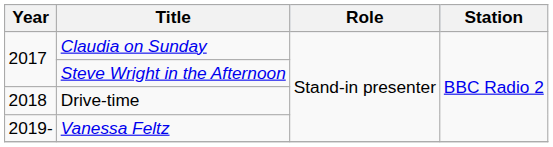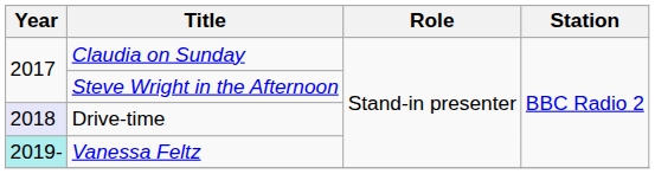 <table class="wikitable">
 <tr style="background:#b0c4de; text-align:center;">
 <th>Year</th>
 <th>Title</th>
 <th>Role</th>
 <th>Station</th>
 </tr>
 <tr>
 <td rowspan=2>2017</td>
 <td><em><a href='#'>Claudia on Sunday</a></em></td>
 <td rowspan="4">Stand-in presenter</td>
 <td rowspan="4"><a href='#'>BBC Radio 2</a></td>
 </tr>
 <tr>
 <td><em><a href='#'>Steve Wright in the Afternoon</a></em></td>
 </tr>
 <tr>
-<td>2018</td>
+<td style="background: lavender;">2018</td>
 <td>Drive-time</td>
 </tr>
 <tr>
-<td>2019-</td>
+<td style="background: paleturquoise;">2019-</td>
 <td><em><a href='#'>Vanessa Feltz</a></em></td>
 </tr>
 <tr>
 </tr>
 </table>
